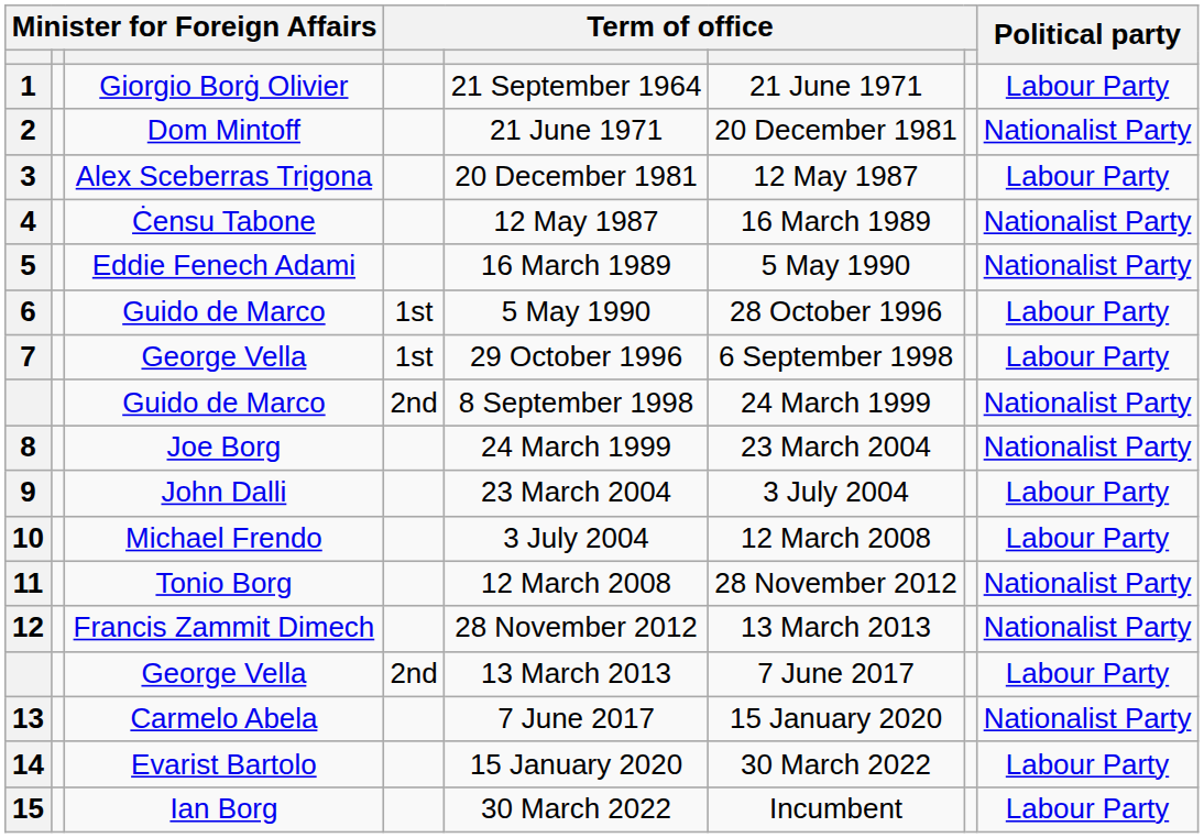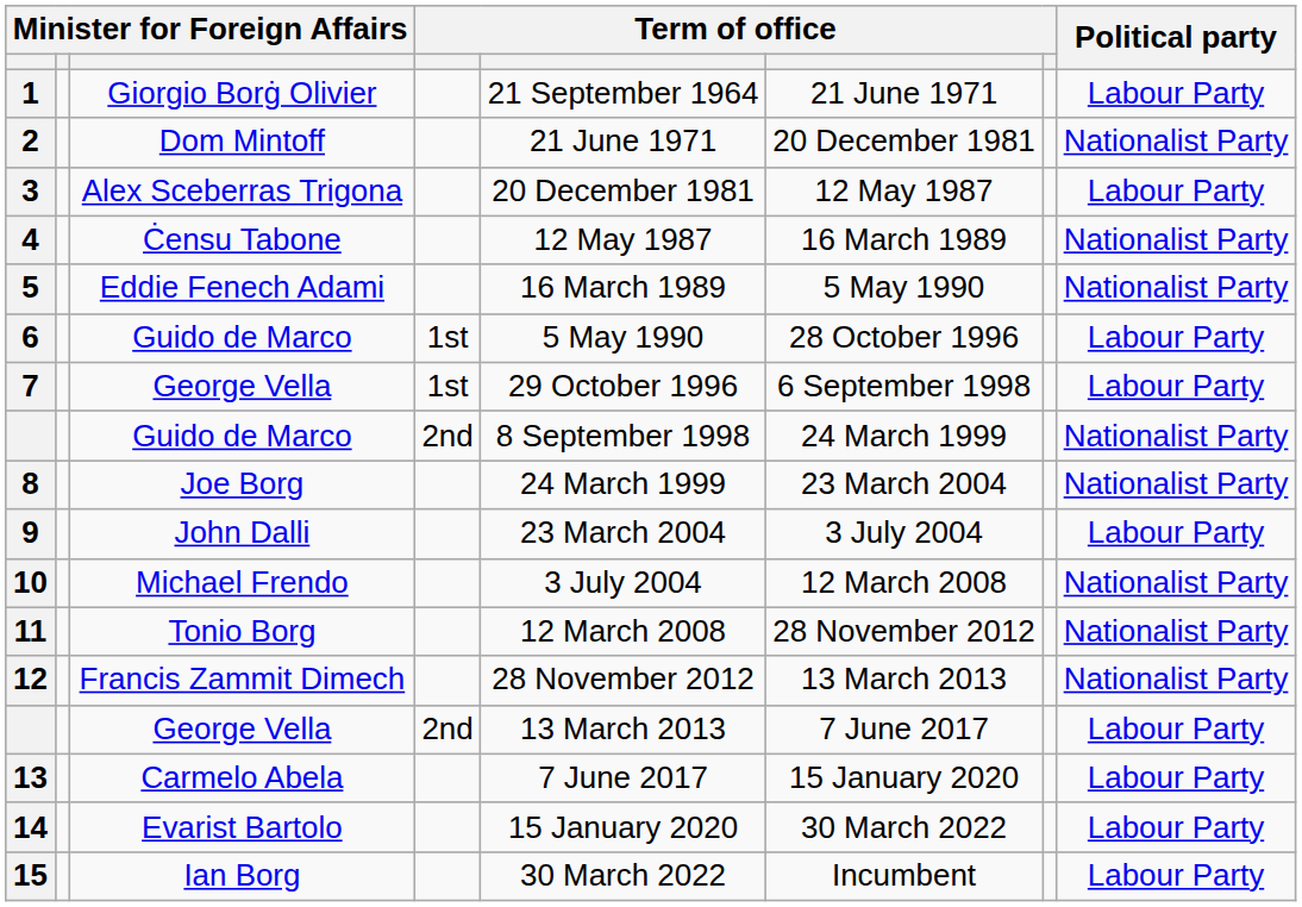 <table class=wikitable style=text-align:center>
 <tr>
 <th colspan=3>Minister for Foreign Affairs</th>
 <th colspan=4>Term of office</th>
 <th rowspan=2>Political party</th>
 </tr>
 <tr>
 <th></th>
 <th></th>
 <th></th>
 <th></th>
 <th></th>
 <th></th>
 <th></th>
 </tr>
 <tr>
 <th style="background:">1</th>
 <td></td>
 <td><a href='#'>Giorgio Borġ Olivier</a><br></td>
 <td></td>
 <td>21 September 1964</td>
 <td>21 June 1971</td>
 <td></td>
 <td><a href='#'>Labour Party</a></td>
 </tr>
 <tr>
 <th style="background:">2</th>
 <td></td>
 <td><a href='#'>Dom Mintoff</a><br></td>
 <td></td>
 <td>21 June 1971</td>
 <td>20 December 1981</td>
 <td></td>
 <td><a href='#'>Nationalist Party</a></td>
 </tr>
 <tr>
 <th style="background:">3</th>
 <td></td>
 <td><a href='#'>Alex Sceberras Trigona</a><br></td>
 <td></td>
 <td>20 December 1981</td>
 <td>12 May 1987</td>
 <td></td>
 <td><a href='#'>Labour Party</a></td>
 </tr>
 <tr>
 <th style="background:">4</th>
 <td></td>
 <td><a href='#'>Ċensu Tabone</a><br></td>
 <td></td>
 <td>12 May 1987</td>
 <td>16 March 1989</td>
 <td></td>
 <td><a href='#'>Nationalist Party</a></td>
 </tr>
 <tr>
 <th style="background:">5</th>
 <td></td>
 <td><a href='#'>Eddie Fenech Adami</a><br></td>
 <td></td>
 <td>16 March 1989</td>
 <td>5 May 1990</td>
 <td></td>
 <td><a href='#'>Nationalist Party</a></td>
 </tr>
 <tr>
 <th style="background:">6</th>
 <td></td>
 <td><a href='#'>Guido de Marco</a><br></td>
 <td>1st</td>
 <td>5 May 1990</td>
 <td>28 October 1996</td>
 <td></td>
 <td><a href='#'>Labour Party</a></td>
 </tr>
 <tr>
 <th style="background:">7</th>
 <td></td>
 <td><a href='#'>George Vella</a><br></td>
 <td>1st</td>
 <td>29 October 1996</td>
 <td>6 September 1998</td>
 <td></td>
 <td><a href='#'>Labour Party</a></td>
 </tr>
 <tr>
 <th style="background:"></th>
 <td></td>
 <td><a href='#'>Guido de Marco</a><br></td>
 <td>2nd</td>
 <td>8 September 1998</td>
 <td>24 March 1999</td>
 <td></td>
 <td><a href='#'>Nationalist Party</a></td>
 </tr>
 <tr>
 <th style="background:">8</th>
 <td></td>
 <td><a href='#'>Joe Borg</a><br></td>
 <td></td>
 <td>24 March 1999</td>
 <td>23 March 2004</td>
 <td></td>
 <td><a href='#'>Nationalist Party</a></td>
 </tr>
 <tr>
 <th style="background:">9</th>
 <td></td>
 <td><a href='#'>John Dalli</a><br></td>
 <td></td>
 <td>23 March 2004</td>
 <td>3 July 2004</td>
 <td></td>
 <td><a href='#'>Labour Party</a></td>
 </tr>
 <tr>
 <th style="background:">10</th>
 <td></td>
 <td><a href='#'>Michael Frendo</a><br></td>
 <td></td>
 <td>3 July 2004</td>
 <td>12 March 2008</td>
 <td></td>
-<td><a href='#'>Labour Party</a></td>
+<td><a href='#'>Nationalist Party</a></td>
 </tr>
 <tr>
 <th style="background:">11</th>
 <td></td>
 <td><a href='#'>Tonio Borg</a><br></td>
 <td></td>
 <td>12 March 2008</td>
 <td>28 November 2012</td>
 <td></td>
 <td><a href='#'>Nationalist Party</a></td>
 </tr>
 <tr>
 <th style="background:">12</th>
 <td></td>
 <td><a href='#'>Francis Zammit Dimech</a><br></td>
 <td></td>
 <td>28 November 2012</td>
 <td>13 March 2013</td>
 <td></td>
 <td><a href='#'>Nationalist Party</a></td>
 </tr>
 <tr>
 <th style="background:"></th>
 <td></td>
 <td><a href='#'>George Vella</a><br></td>
 <td>2nd</td>
 <td>13 March 2013</td>
 <td>7 June 2017</td>
 <td></td>
 <td><a href='#'>Labour Party</a></td>
 </tr>
 <tr>
 <th style="background:">13</th>
 <td></td>
 <td><a href='#'>Carmelo Abela</a><br></td>
 <td></td>
 <td>7 June 2017</td>
 <td>15 January 2020</td>
 <td></td>
-<td><a href='#'>Nationalist Party</a></td>
+<td><a href='#'>Labour Party</a></td>
 </tr>
 <tr>
 <th style="background:">14</th>
 <td></td>
 <td><a href='#'>Evarist Bartolo</a><br></td>
 <td></td>
 <td>15 January 2020</td>
 <td>30 March 2022</td>
 <td></td>
 <td><a href='#'>Labour Party</a></td>
 </tr>
 <tr>
 <th style="background:">15</th>
 <td></td>
 <td><a href='#'>Ian Borg</a><br></td>
 <td></td>
 <td>30 March 2022</td>
 <td>Incumbent</td>
 <td></td>
 <td><a href='#'>Labour Party</a></td>
 </tr>
 </table>
